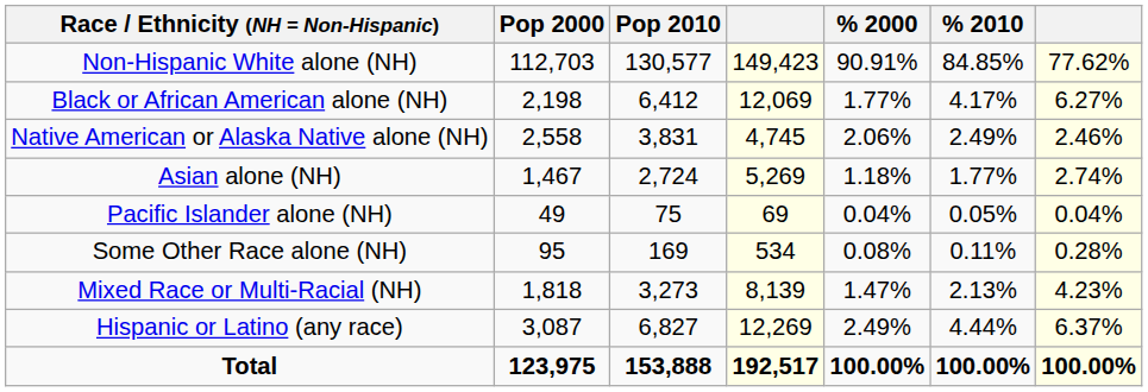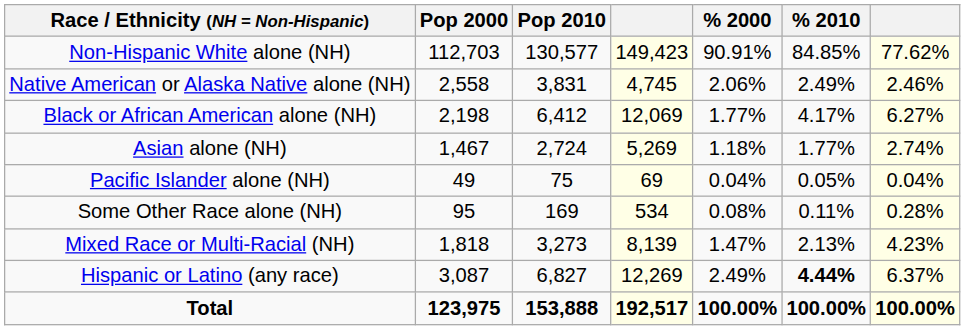 <table class="wikitable" style="text-align:center;">
 <tr>
 <th>Race / Ethnicity <small>(<em>NH = Non-Hispanic</em>)</small></th>
 <th>Pop 2000</th>
 <th>Pop 2010</th>
 <th></th>
 <th>% 2000</th>
 <th>% 2010</th>
 <th></th>
 </tr>
 <tr>
 <td><a href='#'>Non-Hispanic White</a> alone (NH)</td>
 <td>112,703</td>
 <td>130,577</td>
 <td style='background: #ffffe6;'>149,423</td>
 <td>90.91%</td>
 <td>84.85%</td>
 <td style='background: #ffffe6;'>77.62%</td>
 </tr>
 <tr>
+<td><a href='#'>Native American</a> or <a href='#'>Alaska Native</a> alone (NH)</td>
+<td>2,558</td>
+<td>3,831</td>
+<td style='background: #ffffe6;'>4,745</td>
+<td>2.06%</td>
+<td>2.49%</td>
+<td style='background: #ffffe6;'>2.46%</td>
+</tr>
+<tr>
 <td><a href='#'>Black or African American</a> alone (NH)</td>
 <td>2,198</td>
 <td>6,412</td>
 <td style='background: #ffffe6;'>12,069</td>
 <td>1.77%</td>
 <td>4.17%</td>
 <td style='background: #ffffe6;'>6.27%</td>
-</tr>
-<tr>
-<td><a href='#'>Native American</a> or <a href='#'>Alaska Native</a> alone (NH)</td>
-<td>2,558</td>
-<td>3,831</td>
-<td style='background: #ffffe6;'>4,745</td>
-<td>2.06%</td>
-<td>2.49%</td>
-<td style='background: #ffffe6;'>2.46%</td>
 </tr>
 <tr>
 <td><a href='#'>Asian</a> alone (NH)</td>
 <td>1,467</td>
 <td>2,724</td>
 <td style='background: #ffffe6;'>5,269</td>
 <td>1.18%</td>
 <td>1.77%</td>
 <td style='background: #ffffe6;'>2.74%</td>
 </tr>
 <tr>
 <td><a href='#'>Pacific Islander</a> alone (NH)</td>
 <td>49</td>
 <td>75</td>
 <td style='background: #ffffe6;'>69</td>
 <td>0.04%</td>
 <td>0.05%</td>
 <td style='background: #ffffe6;'>0.04%</td>
 </tr>
 <tr>
 <td>Some Other Race alone (NH)</td>
 <td>95</td>
 <td>169</td>
 <td style='background: #ffffe6;'>534</td>
 <td>0.08%</td>
 <td>0.11%</td>
 <td style='background: #ffffe6;'>0.28%</td>
 </tr>
 <tr>
 <td><a href='#'>Mixed Race or Multi-Racial</a> (NH)</td>
 <td>1,818</td>
 <td>3,273</td>
 <td style='background: #ffffe6;'>8,139</td>
 <td>1.47%</td>
 <td>2.13%</td>
 <td style='background: #ffffe6;'>4.23%</td>
 </tr>
 <tr>
 <td><a href='#'>Hispanic or Latino</a> (any race)</td>
 <td>3,087</td>
 <td>6,827</td>
 <td style='background: #ffffe6;'>12,269</td>
 <td>2.49%</td>
-<td>4.44%</td>
+<td><strong>4.44%</strong></td>
 <td style='background: #ffffe6;'>6.37%</td>
 </tr>
 <tr>
 <td><strong>Total</strong></td>
 <td><strong>123,975</strong></td>
 <td><strong>153,888</strong></td>
 <td style='background: #ffffe6;'><strong>192,517</strong></td>
 <td><strong>100.00%</strong></td>
 <td><strong>100.00%</strong></td>
 <td style='background: #ffffe6;'><strong>100.00%</strong></td>
 </tr>
 </table>
